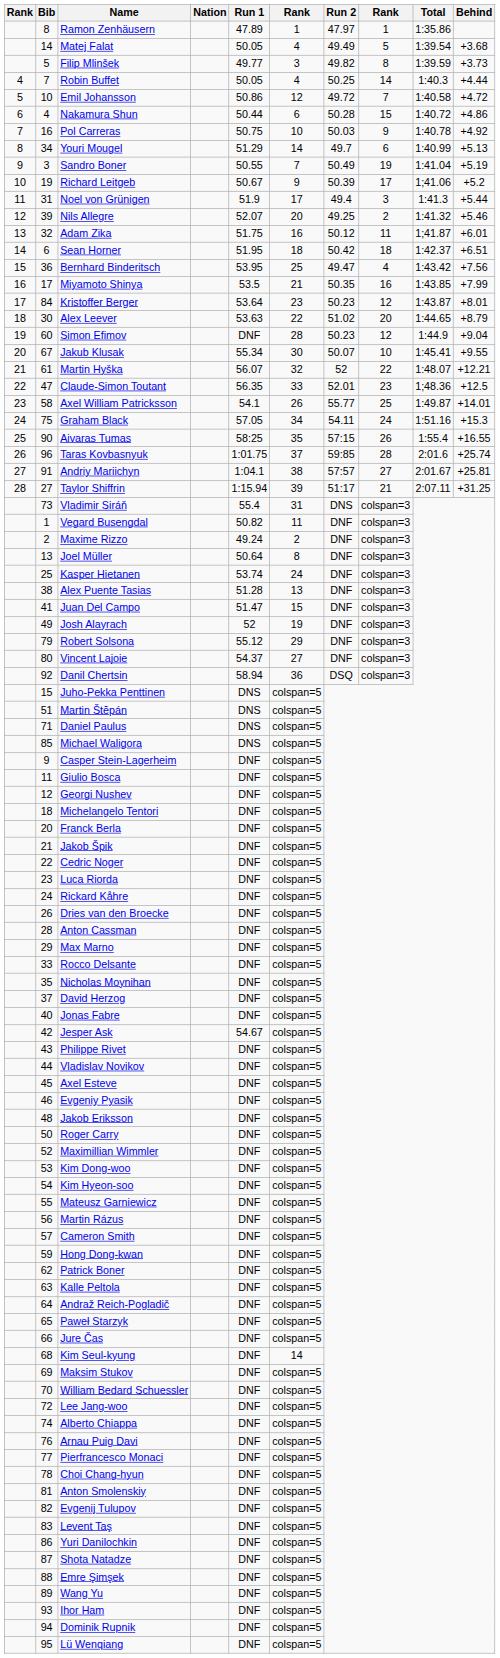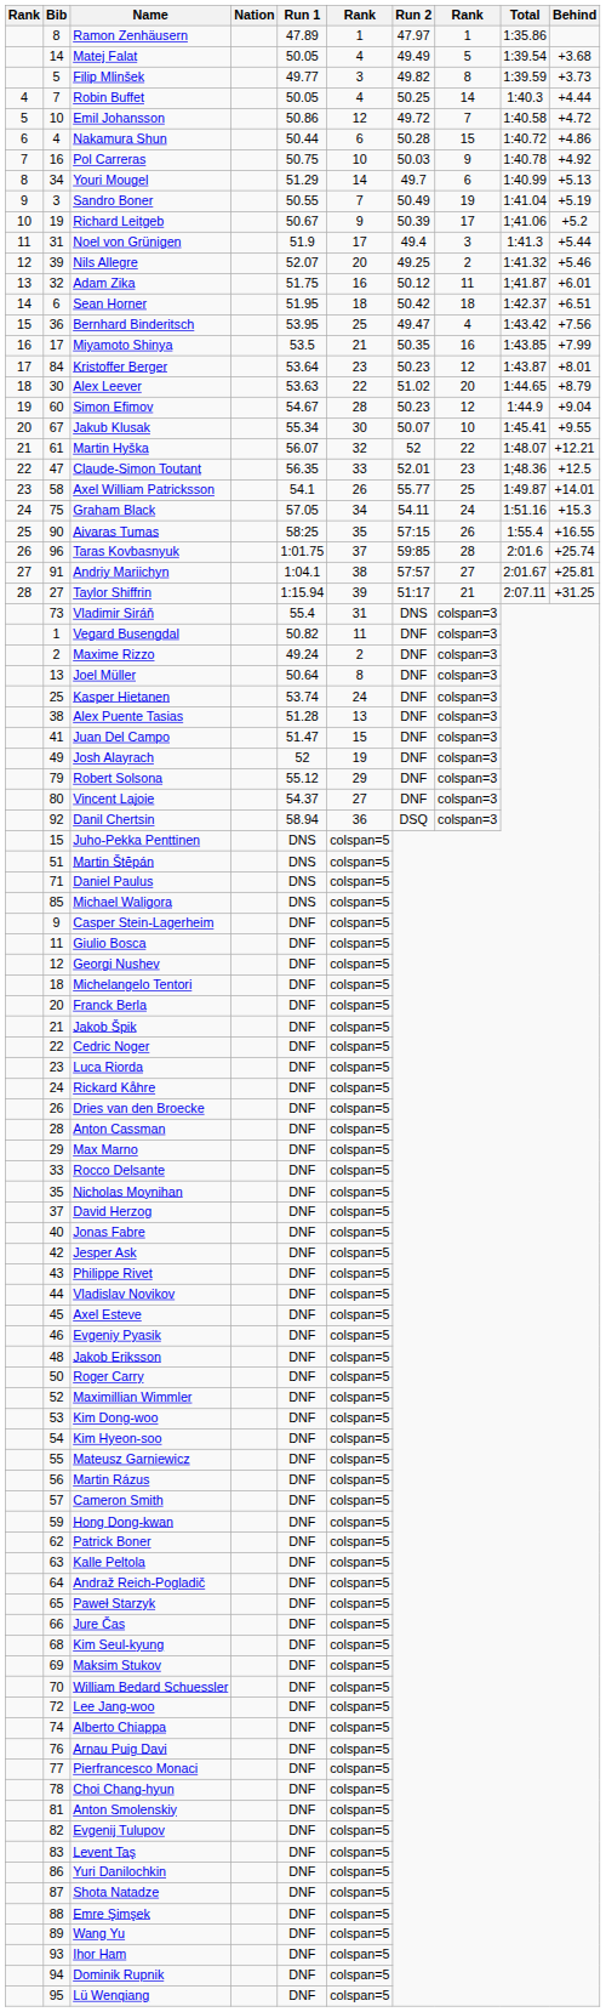 <table class="wikitable sortable" style="text-align:center">
 <tr>
 <th>Rank</th>
 <th>Bib</th>
 <th>Name</th>
 <th>Nation</th>
 <th>Run 1</th>
 <th>Rank</th>
 <th>Run 2</th>
 <th>Rank</th>
 <th>Total</th>
 <th>Behind</th>
 </tr>
 <tr>
 <td></td>
 <td>8</td>
 <td align=left><a href='#'>Ramon Zenhäusern</a></td>
 <td align=left></td>
 <td>47.89</td>
 <td>1</td>
 <td>47.97</td>
 <td>1</td>
 <td>1:35.86</td>
 <td></td>
 </tr>
 <tr>
 <td></td>
 <td>14</td>
 <td align=left><a href='#'>Matej Falat</a></td>
 <td align=left></td>
 <td>50.05</td>
 <td>4</td>
 <td>49.49</td>
 <td>5</td>
 <td>1:39.54</td>
 <td>+3.68</td>
 </tr>
 <tr>
 <td></td>
 <td>5</td>
 <td align=left><a href='#'>Filip Mlinšek</a></td>
 <td align=left></td>
 <td>49.77</td>
 <td>3</td>
 <td>49.82</td>
 <td>8</td>
 <td>1:39.59</td>
 <td>+3.73</td>
 </tr>
 <tr>
 <td>4</td>
 <td>7</td>
 <td align=left><a href='#'>Robin Buffet</a></td>
 <td align=left></td>
 <td>50.05</td>
 <td>4</td>
 <td>50.25</td>
 <td>14</td>
 <td>1:40.3</td>
 <td>+4.44</td>
 </tr>
 <tr>
 <td>5</td>
 <td>10</td>
 <td align=left><a href='#'>Emil Johansson</a></td>
 <td align=left></td>
 <td>50.86</td>
 <td>12</td>
 <td>49.72</td>
 <td>7</td>
 <td>1:40.58</td>
 <td>+4.72</td>
 </tr>
 <tr>
 <td>6</td>
 <td>4</td>
 <td align=left><a href='#'>Nakamura Shun</a></td>
 <td align=left></td>
 <td>50.44</td>
 <td>6</td>
 <td>50.28</td>
 <td>15</td>
 <td>1:40.72</td>
 <td>+4.86</td>
 </tr>
 <tr>
 <td>7</td>
 <td>16</td>
 <td align=left><a href='#'>Pol Carreras</a></td>
 <td align=left></td>
 <td>50.75</td>
 <td>10</td>
 <td>50.03</td>
 <td>9</td>
 <td>1:40.78</td>
 <td>+4.92</td>
 </tr>
 <tr>
 <td>8</td>
 <td>34</td>
 <td align=left><a href='#'>Youri Mougel</a></td>
 <td align=left></td>
 <td>51.29</td>
 <td>14</td>
 <td>49.7</td>
 <td>6</td>
 <td>1:40.99</td>
 <td>+5.13</td>
 </tr>
 <tr>
 <td>9</td>
 <td>3</td>
 <td align=left><a href='#'>Sandro Boner</a></td>
 <td align=left></td>
 <td>50.55</td>
 <td>7</td>
 <td>50.49</td>
 <td>19</td>
 <td>1:41.04</td>
 <td>+5.19</td>
 </tr>
 <tr>
 <td>10</td>
 <td>19</td>
 <td align=left><a href='#'>Richard Leitgeb</a></td>
 <td align=left></td>
 <td>50.67</td>
 <td>9</td>
 <td>50.39</td>
 <td>17</td>
 <td>1;41.06</td>
 <td>+5.2</td>
 </tr>
 <tr>
 <td>11</td>
 <td>31</td>
 <td align=left><a href='#'>Noel von Grünigen</a></td>
 <td align=left></td>
 <td>51.9</td>
 <td>17</td>
 <td>49.4</td>
 <td>3</td>
 <td>1:41.3</td>
 <td>+5.44</td>
 </tr>
 <tr>
 <td>12</td>
 <td>39</td>
 <td align=left><a href='#'>Nils Allegre</a></td>
 <td align=left></td>
 <td>52.07</td>
 <td>20</td>
 <td>49.25</td>
 <td>2</td>
 <td>1:41.32</td>
 <td>+5.46</td>
 </tr>
 <tr>
 <td>13</td>
 <td>32</td>
 <td align=left><a href='#'>Adam Zika</a></td>
 <td align=left></td>
 <td>51.75</td>
 <td>16</td>
 <td>50.12</td>
 <td>11</td>
 <td>1;41.87</td>
 <td>+6.01</td>
 </tr>
 <tr>
 <td>14</td>
 <td>6</td>
 <td align=left><a href='#'>Sean Horner</a></td>
 <td align=left></td>
 <td>51.95</td>
 <td>18</td>
 <td>50.42</td>
 <td>18</td>
 <td>1:42.37</td>
 <td>+6.51</td>
 </tr>
 <tr>
 <td>15</td>
 <td>36</td>
 <td align=left><a href='#'>Bernhard Binderitsch</a></td>
 <td align=left></td>
 <td>53.95</td>
 <td>25</td>
 <td>49.47</td>
 <td>4</td>
 <td>1:43.42</td>
 <td>+7.56</td>
 </tr>
 <tr>
 <td>16</td>
 <td>17</td>
 <td align=left><a href='#'>Miyamoto Shinya</a></td>
 <td align=left></td>
 <td>53.5</td>
 <td>21</td>
 <td>50.35</td>
 <td>16</td>
 <td>1:43.85</td>
 <td>+7.99</td>
 </tr>
 <tr>
 <td>17</td>
 <td>84</td>
 <td align=left><a href='#'>Kristoffer Berger</a></td>
 <td align=left></td>
 <td>53.64</td>
 <td>23</td>
 <td>50.23</td>
 <td>12</td>
 <td>1:43.87</td>
 <td>+8.01</td>
 </tr>
 <tr>
 <td>18</td>
 <td>30</td>
 <td align=left><a href='#'>Alex Leever</a></td>
 <td align=left></td>
 <td>53.63</td>
 <td>22</td>
 <td>51.02</td>
 <td>20</td>
 <td>1:44.65</td>
 <td>+8.79</td>
 </tr>
 <tr>
 <td>19</td>
 <td>60</td>
 <td align=left><a href='#'>Simon Efimov</a></td>
 <td align=left></td>
-<td>DNF</td>
+<td>54.67</td>
 <td>28</td>
 <td>50.23</td>
 <td>12</td>
 <td>1:44.9</td>
 <td>+9.04</td>
 </tr>
 <tr>
 <td>20</td>
 <td>67</td>
 <td align=left><a href='#'>Jakub Klusak</a></td>
 <td align=left></td>
 <td>55.34</td>
 <td>30</td>
 <td>50.07</td>
 <td>10</td>
 <td>1:45.41</td>
 <td>+9.55</td>
 </tr>
 <tr>
 <td>21</td>
 <td>61</td>
 <td align=left><a href='#'>Martin Hyška</a></td>
 <td align=left></td>
 <td>56.07</td>
 <td>32</td>
 <td>52</td>
 <td>22</td>
 <td>1:48.07</td>
 <td>+12.21</td>
 </tr>
 <tr>
 <td>22</td>
 <td>47</td>
 <td align=left><a href='#'>Claude-Simon Toutant</a></td>
 <td align=left></td>
 <td>56.35</td>
 <td>33</td>
 <td>52.01</td>
 <td>23</td>
 <td>1;48.36</td>
 <td>+12.5</td>
 </tr>
 <tr>
 <td>23</td>
 <td>58</td>
 <td align=left><a href='#'>Axel William Patricksson</a></td>
 <td align=left></td>
 <td>54.1</td>
 <td>26</td>
 <td>55.77</td>
 <td>25</td>
 <td>1:49.87</td>
 <td>+14.01</td>
 </tr>
 <tr>
 <td>24</td>
 <td>75</td>
 <td align=left><a href='#'>Graham Black</a></td>
 <td align=left></td>
 <td>57.05</td>
 <td>34</td>
 <td>54.11</td>
 <td>24</td>
 <td>1:51.16</td>
 <td>+15.3</td>
 </tr>
 <tr>
 <td>25</td>
 <td>90</td>
 <td align=left><a href='#'>Aivaras Tumas</a></td>
 <td align=left></td>
 <td>58:25</td>
 <td>35</td>
 <td>57:15</td>
 <td>26</td>
 <td>1:55.4</td>
 <td>+16.55</td>
 </tr>
 <tr>
 <td>26</td>
 <td>96</td>
 <td align=left><a href='#'>Taras Kovbasnyuk</a></td>
 <td align=left></td>
 <td>1:01.75</td>
 <td>37</td>
 <td>59:85</td>
 <td>28</td>
 <td>2:01.6</td>
 <td>+25.74</td>
 </tr>
 <tr>
 <td>27</td>
 <td>91</td>
 <td align=left><a href='#'>Andriy Mariichyn</a></td>
 <td align=left></td>
 <td>1:04.1</td>
 <td>38</td>
 <td>57:57</td>
 <td>27</td>
 <td>2:01.67</td>
 <td>+25.81</td>
 </tr>
 <tr>
 <td>28</td>
 <td>27</td>
 <td align=left><a href='#'>Taylor Shiffrin</a></td>
 <td align=left></td>
 <td>1:15.94</td>
 <td>39</td>
 <td>51:17</td>
 <td>21</td>
 <td>2:07.11</td>
 <td>+31.25</td>
 </tr>
 <tr>
 <td></td>
 <td>73</td>
 <td align=left><a href='#'>Vladimir Siráň</a></td>
 <td align=left></td>
 <td>55.4</td>
 <td>31</td>
 <td>DNS</td>
 <td>colspan=3 </td>
 </tr>
 <tr>
 <td></td>
 <td>1</td>
 <td align=left><a href='#'>Vegard Busengdal</a></td>
 <td align=left></td>
 <td>50.82</td>
 <td>11</td>
 <td>DNF</td>
 <td>colspan=3 </td>
 </tr>
 <tr>
 <td></td>
 <td>2</td>
 <td align=left><a href='#'>Maxime Rizzo</a></td>
 <td align=left></td>
 <td>49.24</td>
 <td>2</td>
 <td>DNF</td>
 <td>colspan=3 </td>
 </tr>
 <tr>
 <td></td>
 <td>13</td>
 <td align=left><a href='#'>Joel Müller</a></td>
 <td align=left></td>
 <td>50.64</td>
 <td>8</td>
 <td>DNF</td>
 <td>colspan=3 </td>
 </tr>
 <tr>
 <td></td>
 <td>25</td>
 <td align=left><a href='#'>Kasper Hietanen</a></td>
 <td align=left></td>
 <td>53.74</td>
 <td>24</td>
 <td>DNF</td>
 <td>colspan=3 </td>
 </tr>
 <tr>
 <td></td>
 <td>38</td>
 <td align=left><a href='#'>Alex Puente Tasias</a></td>
 <td align=left></td>
 <td>51.28</td>
 <td>13</td>
 <td>DNF</td>
 <td>colspan=3 </td>
 </tr>
 <tr>
 <td></td>
 <td>41</td>
 <td align=left><a href='#'>Juan Del Campo</a></td>
 <td align=left></td>
 <td>51.47</td>
 <td>15</td>
 <td>DNF</td>
 <td>colspan=3 </td>
 </tr>
 <tr>
 <td></td>
 <td>49</td>
 <td align=left><a href='#'>Josh Alayrach</a></td>
 <td align=left></td>
 <td>52</td>
 <td>19</td>
 <td>DNF</td>
 <td>colspan=3 </td>
 </tr>
 <tr>
 <td></td>
 <td>79</td>
 <td align=left><a href='#'>Robert Solsona</a></td>
 <td align=left></td>
 <td>55.12</td>
 <td>29</td>
 <td>DNF</td>
 <td>colspan=3 </td>
 </tr>
 <tr>
 <td></td>
 <td>80</td>
 <td align=left><a href='#'>Vincent Lajoie</a></td>
 <td align=left></td>
 <td>54.37</td>
 <td>27</td>
 <td>DNF</td>
 <td>colspan=3 </td>
 </tr>
 <tr>
 <td></td>
 <td>92</td>
 <td align=left><a href='#'>Danil Chertsin</a></td>
 <td align=left></td>
 <td>58.94</td>
 <td>36</td>
 <td>DSQ</td>
 <td>colspan=3 </td>
 </tr>
 <tr>
 <td></td>
 <td>15</td>
 <td align=left><a href='#'>Juho-Pekka Penttinen</a></td>
 <td align=left></td>
 <td>DNS</td>
 <td>colspan=5 </td>
 </tr>
 <tr>
 <td></td>
 <td>51</td>
 <td align=left><a href='#'>Martin Štĕpán</a></td>
 <td align=left></td>
 <td>DNS</td>
 <td>colspan=5 </td>
 </tr>
 <tr>
 <td></td>
 <td>71</td>
 <td align=left><a href='#'>Daniel Paulus</a></td>
 <td align=left></td>
 <td>DNS</td>
 <td>colspan=5 </td>
 </tr>
 <tr>
 <td></td>
 <td>85</td>
 <td align=left><a href='#'>Michael Waligora</a></td>
 <td align=left></td>
 <td>DNS</td>
 <td>colspan=5 </td>
 </tr>
 <tr>
 <td></td>
 <td>9</td>
 <td align=left><a href='#'>Casper Stein-Lagerheim</a></td>
 <td align=left></td>
 <td>DNF</td>
 <td>colspan=5 </td>
 </tr>
 <tr>
 <td></td>
 <td>11</td>
 <td align=left><a href='#'>Giulio Bosca</a></td>
 <td align=left></td>
 <td>DNF</td>
 <td>colspan=5 </td>
 </tr>
 <tr>
 <td></td>
 <td>12</td>
 <td align=left><a href='#'>Georgi Nushev</a></td>
 <td align=left></td>
 <td>DNF</td>
 <td>colspan=5 </td>
 </tr>
 <tr>
 <td></td>
 <td>18</td>
 <td align=left><a href='#'>Michelangelo Tentori</a></td>
 <td align=left></td>
 <td>DNF</td>
 <td>colspan=5 </td>
 </tr>
 <tr>
 <td></td>
 <td>20</td>
 <td align=left><a href='#'>Franck Berla</a></td>
 <td align=left></td>
 <td>DNF</td>
 <td>colspan=5 </td>
 </tr>
 <tr>
 <td></td>
 <td>21</td>
 <td align=left><a href='#'>Jakob Špik</a></td>
 <td align=left></td>
 <td>DNF</td>
 <td>colspan=5 </td>
 </tr>
 <tr>
 <td></td>
 <td>22</td>
 <td align=left><a href='#'>Cedric Noger</a></td>
 <td align=left></td>
 <td>DNF</td>
 <td>colspan=5 </td>
 </tr>
 <tr>
 <td></td>
 <td>23</td>
 <td align=left><a href='#'>Luca Riorda</a></td>
 <td align=left></td>
 <td>DNF</td>
 <td>colspan=5 </td>
 </tr>
 <tr>
 <td></td>
 <td>24</td>
 <td align=left><a href='#'>Rickard Kåhre</a></td>
 <td align=left></td>
 <td>DNF</td>
 <td>colspan=5 </td>
 </tr>
 <tr>
 <td></td>
 <td>26</td>
 <td align=left><a href='#'>Dries van den Broecke</a></td>
 <td align=left></td>
 <td>DNF</td>
 <td>colspan=5 </td>
 </tr>
 <tr>
 <td></td>
 <td>28</td>
 <td align=left><a href='#'>Anton Cassman</a></td>
 <td align=left></td>
 <td>DNF</td>
 <td>colspan=5 </td>
 </tr>
 <tr>
 <td></td>
 <td>29</td>
 <td align=left><a href='#'>Max Marno</a></td>
 <td align=left></td>
 <td>DNF</td>
 <td>colspan=5 </td>
 </tr>
 <tr>
 <td></td>
 <td>33</td>
 <td align=left><a href='#'>Rocco Delsante</a></td>
 <td align=left></td>
 <td>DNF</td>
 <td>colspan=5 </td>
 </tr>
 <tr>
 <td></td>
 <td>35</td>
 <td align=left><a href='#'>Nicholas Moynihan</a></td>
 <td align=left></td>
 <td>DNF</td>
 <td>colspan=5 </td>
 </tr>
 <tr>
 <td></td>
 <td>37</td>
 <td align=left><a href='#'>David Herzog</a></td>
 <td align=left></td>
 <td>DNF</td>
 <td>colspan=5 </td>
 </tr>
 <tr>
 <td></td>
 <td>40</td>
 <td align=left><a href='#'>Jonas Fabre</a></td>
 <td align=left></td>
 <td>DNF</td>
 <td>colspan=5 </td>
 </tr>
 <tr>
 <td></td>
 <td>42</td>
 <td align=left><a href='#'>Jesper Ask</a></td>
 <td align=left></td>
-<td>54.67</td>
+<td>DNF</td>
 <td>colspan=5 </td>
 </tr>
 <tr>
 <td></td>
 <td>43</td>
 <td align=left><a href='#'>Philippe Rivet</a></td>
 <td align=left></td>
 <td>DNF</td>
 <td>colspan=5 </td>
 </tr>
 <tr>
 <td></td>
 <td>44</td>
 <td align=left><a href='#'>Vladislav Novikov</a></td>
 <td align=left></td>
 <td>DNF</td>
 <td>colspan=5 </td>
 </tr>
 <tr>
 <td></td>
 <td>45</td>
 <td align=left><a href='#'>Axel Esteve</a></td>
 <td align=left></td>
 <td>DNF</td>
 <td>colspan=5 </td>
 </tr>
 <tr>
 <td></td>
 <td>46</td>
 <td align=left><a href='#'>Evgeniy Pyasik</a></td>
 <td align=left></td>
 <td>DNF</td>
 <td>colspan=5 </td>
 </tr>
 <tr>
 <td></td>
 <td>48</td>
 <td align=left><a href='#'>Jakob Eriksson</a></td>
 <td align=left></td>
 <td>DNF</td>
 <td>colspan=5 </td>
 </tr>
 <tr>
 <td></td>
 <td>50</td>
 <td align=left><a href='#'>Roger Carry</a></td>
 <td align=left></td>
 <td>DNF</td>
 <td>colspan=5 </td>
 </tr>
 <tr>
 <td></td>
 <td>52</td>
 <td align=left><a href='#'>Maximillian Wimmler</a></td>
 <td align=left></td>
 <td>DNF</td>
 <td>colspan=5 </td>
 </tr>
 <tr>
 <td></td>
 <td>53</td>
 <td align=left><a href='#'>Kim Dong-woo</a></td>
 <td align=left></td>
 <td>DNF</td>
 <td>colspan=5 </td>
 </tr>
 <tr>
 <td></td>
 <td>54</td>
 <td align=left><a href='#'>Kim Hyeon-soo</a></td>
 <td align=left></td>
 <td>DNF</td>
 <td>colspan=5 </td>
 </tr>
 <tr>
 <td></td>
 <td>55</td>
 <td align=left><a href='#'>Mateusz Garniewicz</a></td>
 <td align=left></td>
 <td>DNF</td>
 <td>colspan=5 </td>
 </tr>
 <tr>
 <td></td>
 <td>56</td>
 <td align=left><a href='#'>Martin Rázus</a></td>
 <td align=left></td>
 <td>DNF</td>
 <td>colspan=5 </td>
 </tr>
 <tr>
 <td></td>
 <td>57</td>
 <td align=left><a href='#'>Cameron Smith</a></td>
 <td align=left></td>
 <td>DNF</td>
 <td>colspan=5 </td>
 </tr>
 <tr>
 <td></td>
 <td>59</td>
 <td align=left><a href='#'>Hong Dong-kwan</a></td>
 <td align=left></td>
 <td>DNF</td>
 <td>colspan=5 </td>
 </tr>
 <tr>
 <td></td>
 <td>62</td>
 <td align=left><a href='#'>Patrick Boner</a></td>
 <td align=left></td>
 <td>DNF</td>
 <td>colspan=5 </td>
 </tr>
 <tr>
 <td></td>
 <td>63</td>
 <td align=left><a href='#'>Kalle Peltola</a></td>
 <td align=left></td>
 <td>DNF</td>
 <td>colspan=5 </td>
 </tr>
 <tr>
 <td></td>
 <td>64</td>
 <td align=left><a href='#'>Andraž Reich-Pogladič</a></td>
 <td align=left></td>
 <td>DNF</td>
 <td>colspan=5 </td>
 </tr>
 <tr>
 <td></td>
 <td>65</td>
 <td align=left><a href='#'>Paweł Starzyk</a></td>
 <td align=left></td>
 <td>DNF</td>
 <td>colspan=5 </td>
 </tr>
 <tr>
 <td></td>
 <td>66</td>
 <td align=left><a href='#'>Jure Čas</a></td>
 <td align=left></td>
 <td>DNF</td>
 <td>colspan=5 </td>
 </tr>
 <tr>
 <td></td>
 <td>68</td>
 <td align=left><a href='#'>Kim Seul-kyung</a></td>
 <td align=left></td>
 <td>DNF</td>
-<td>14</td>
+<td>colspan=5 </td>
 </tr>
 <tr>
 <td></td>
 <td>69</td>
 <td align=left><a href='#'>Maksim Stukov</a></td>
 <td align=left></td>
 <td>DNF</td>
 <td>colspan=5 </td>
 </tr>
 <tr>
 <td></td>
 <td>70</td>
 <td align=left><a href='#'>William Bedard Schuessler</a></td>
 <td align=left></td>
 <td>DNF</td>
 <td>colspan=5 </td>
 </tr>
 <tr>
 <td></td>
 <td>72</td>
 <td align=left><a href='#'>Lee Jang-woo</a></td>
 <td align=left></td>
 <td>DNF</td>
 <td>colspan=5 </td>
 </tr>
 <tr>
 <td></td>
 <td>74</td>
 <td align=left><a href='#'>Alberto Chiappa</a></td>
 <td align=left></td>
 <td>DNF</td>
 <td>colspan=5 </td>
 </tr>
 <tr>
 <td></td>
 <td>76</td>
 <td align=left><a href='#'>Arnau Puig Davi</a></td>
 <td align=left></td>
 <td>DNF</td>
 <td>colspan=5 </td>
 </tr>
 <tr>
 <td></td>
 <td>77</td>
 <td align=left><a href='#'>Pierfrancesco Monaci</a></td>
 <td align=left></td>
 <td>DNF</td>
 <td>colspan=5 </td>
 </tr>
 <tr>
 <td></td>
 <td>78</td>
 <td align=left><a href='#'>Choi Chang-hyun</a></td>
 <td align=left></td>
 <td>DNF</td>
 <td>colspan=5 </td>
 </tr>
 <tr>
 <td></td>
 <td>81</td>
 <td align=left><a href='#'>Anton Smolenskiy</a></td>
 <td align=left></td>
 <td>DNF</td>
 <td>colspan=5 </td>
 </tr>
 <tr>
 <td></td>
 <td>82</td>
 <td align=left><a href='#'>Evgenij Tulupov</a></td>
 <td align=left></td>
 <td>DNF</td>
 <td>colspan=5 </td>
 </tr>
 <tr>
 <td></td>
 <td>83</td>
 <td align=left><a href='#'>Levent Taş</a></td>
 <td align=left></td>
 <td>DNF</td>
 <td>colspan=5 </td>
 </tr>
 <tr>
 <td></td>
 <td>86</td>
 <td align=left><a href='#'>Yuri Danilochkin</a></td>
 <td align=left></td>
 <td>DNF</td>
 <td>colspan=5 </td>
 </tr>
 <tr>
 <td></td>
 <td>87</td>
 <td align=left><a href='#'>Shota Natadze</a></td>
 <td align=left></td>
 <td>DNF</td>
 <td>colspan=5 </td>
 </tr>
 <tr>
 <td></td>
 <td>88</td>
 <td align=left><a href='#'>Emre Şimşek</a></td>
 <td align=left></td>
 <td>DNF</td>
 <td>colspan=5 </td>
 </tr>
 <tr>
 <td></td>
 <td>89</td>
 <td align=left><a href='#'>Wang Yu</a></td>
 <td align=left></td>
 <td>DNF</td>
 <td>colspan=5 </td>
 </tr>
 <tr>
 <td></td>
 <td>93</td>
 <td align=left><a href='#'>Ihor Ham</a></td>
 <td align=left></td>
 <td>DNF</td>
 <td>colspan=5 </td>
 </tr>
 <tr>
 <td></td>
 <td>94</td>
 <td align=left><a href='#'>Dominik Rupnik</a></td>
 <td align=left></td>
 <td>DNF</td>
 <td>colspan=5 </td>
 </tr>
 <tr>
 <td></td>
 <td>95</td>
 <td align=left><a href='#'>Lü Wenqiang</a></td>
 <td align=left></td>
 <td>DNF</td>
 <td>colspan=5 </td>
 </tr>
 </table>
